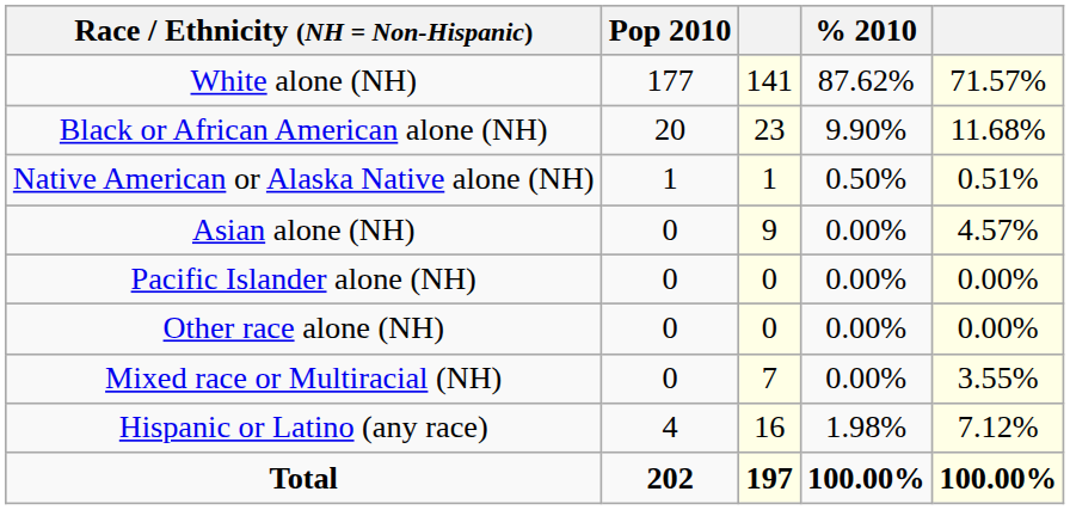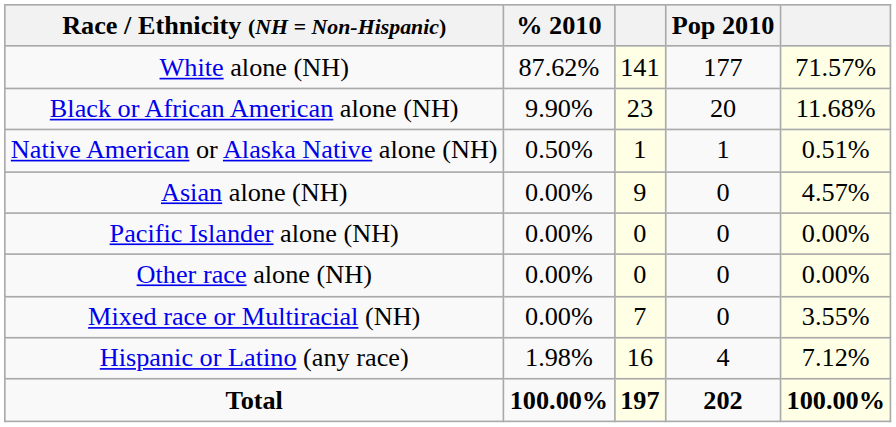 <table class="wikitable" style="text-align:center;">
 <tr>
 <th>Race / Ethnicity <small>(<em>NH = Non-Hispanic</em>)</small></th>
+<th>% 2010</th>
+<th></th>
 <th>Pop 2010</th>
-<th></th>
-<th>% 2010</th>
 <th></th>
 </tr>
 <tr>
 <td><a href='#'>White</a> alone (NH)</td>
+<td>87.62%</td>
+<td style='background: #ffffe6;'>141</td>
 <td>177</td>
-<td style='background: #ffffe6;'>141</td>
-<td>87.62%</td>
 <td style='background: #ffffe6;'>71.57%</td>
 </tr>
 <tr>
 <td><a href='#'>Black or African American</a> alone (NH)</td>
+<td>9.90%</td>
+<td style='background: #ffffe6;'>23</td>
 <td>20</td>
-<td style='background: #ffffe6;'>23</td>
-<td>9.90%</td>
 <td style='background: #ffffe6;'>11.68%</td>
 </tr>
 <tr>
 <td><a href='#'>Native American</a> or <a href='#'>Alaska Native</a> alone (NH)</td>
+<td>0.50%</td>
+<td style='background: #ffffe6;'>1</td>
 <td>1</td>
-<td style='background: #ffffe6;'>1</td>
-<td>0.50%</td>
 <td style='background: #ffffe6;'>0.51%</td>
 </tr>
 <tr>
 <td><a href='#'>Asian</a> alone (NH)</td>
+<td>0.00%</td>
+<td style='background: #ffffe6;'>9</td>
 <td>0</td>
-<td style='background: #ffffe6;'>9</td>
-<td>0.00%</td>
 <td style='background: #ffffe6;'>4.57%</td>
 </tr>
 <tr>
 <td><a href='#'>Pacific Islander</a> alone (NH)</td>
+<td>0.00%</td>
+<td style='background: #ffffe6;'>0</td>
 <td>0</td>
-<td style='background: #ffffe6;'>0</td>
-<td>0.00%</td>
 <td style='background: #ffffe6;'>0.00%</td>
 </tr>
 <tr>
 <td><a href='#'>Other race</a> alone (NH)</td>
+<td>0.00%</td>
+<td style='background: #ffffe6;'>0</td>
 <td>0</td>
-<td style='background: #ffffe6;'>0</td>
-<td>0.00%</td>
 <td style='background: #ffffe6;'>0.00%</td>
 </tr>
 <tr>
 <td><a href='#'>Mixed race or Multiracial</a> (NH)</td>
+<td>0.00%</td>
+<td style='background: #ffffe6;'>7</td>
 <td>0</td>
-<td style='background: #ffffe6;'>7</td>
-<td>0.00%</td>
 <td style='background: #ffffe6;'>3.55%</td>
 </tr>
 <tr>
 <td><a href='#'>Hispanic or Latino</a> (any race)</td>
+<td>1.98%</td>
+<td style='background: #ffffe6;'>16</td>
 <td>4</td>
-<td style='background: #ffffe6;'>16</td>
-<td>1.98%</td>
 <td style='background: #ffffe6;'>7.12%</td>
 </tr>
 <tr>
 <td><strong>Total</strong></td>
+<td><strong>100.00%</strong></td>
+<td style='background: #ffffe6;'><strong>197</strong></td>
 <td><strong>202</strong></td>
-<td style='background: #ffffe6;'><strong>197</strong></td>
-<td><strong>100.00%</strong></td>
 <td style='background: #ffffe6;'><strong>100.00%</strong></td>
 </tr>
 </table>
